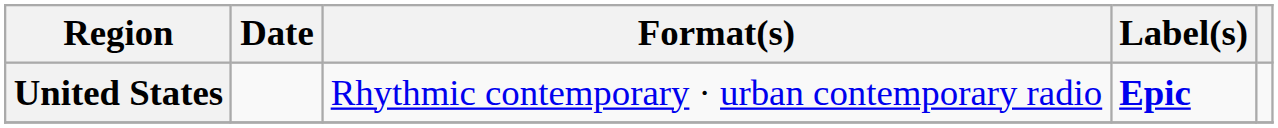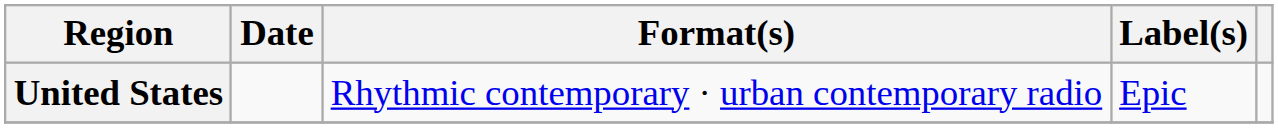 <table class="wikitable plainrowheaders" style="text-align:left">
 <tr>
 <th scope="col">Region</th>
 <th scope="col">Date</th>
 <th scope="col">Format(s)</th>
 <th scope="col">Label(s)</th>
 <th scope="col"></th>
 </tr>
 <tr>
 <th scope="row">United States</th>
 <td></td>
 <td><a href='#'>Rhythmic contemporary</a> · <a href='#'>urban contemporary radio</a></td>
-<td><strong><a href='#'>Epic</a></strong></td>
+<td><a href='#'>Epic</a></td>
 <td></td>
 </tr>
 <tr>
 </tr>
 </table>
